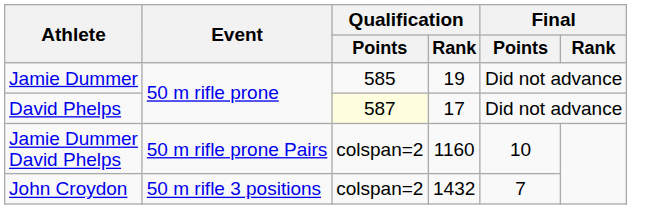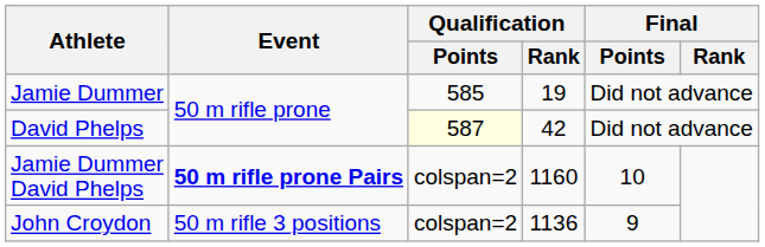 <table class="wikitable" style="font-size:90%;">
 <tr>
 <th rowspan=2>Athlete</th>
 <th rowspan=2>Event</th>
 <th colspan=2>Qualification</th>
 <th colspan=2>Final</th>
 </tr>
 <tr style="font-size:95%">
 <th>Points</th>
 <th>Rank</th>
 <th>Points</th>
 <th>Rank</th>
 </tr>
 <tr align=center>
 <td align=left><a href='#'>Jamie Dummer</a></td>
 <td align=left rowspan=2><a href='#'>50 m rifle prone</a></td>
 <td>585</td>
 <td>19</td>
 <td colspan=2>Did not advance</td>
 </tr>
 <tr align=center>
 <td align=left><a href='#'>David Phelps</a></td>
 <td style="background: lightyellow;">587</td>
-<td>17</td>
+<td>42</td>
 <td colspan=2>Did not advance</td>
 </tr>
 <tr align=center>
 <td align=left><a href='#'>Jamie Dummer</a><br><a href='#'>David Phelps</a></td>
-<td align=left rowspan=1><a href='#'>50 m rifle prone Pairs</a></td>
+<td align=left rowspan=1><strong><a href='#'>50 m rifle prone Pairs</a></strong></td>
 <td>colspan=2 </td>
 <td>1160</td>
 <td>10</td>
 </tr>
 <tr align=center>
 <td align=left><a href='#'>John Croydon</a></td>
 <td align=left rowspan=2><a href='#'>50 m rifle 3 positions</a></td>
 <td>colspan=2 </td>
-<td>1432</td>
-<td>7</td>
+<td>1136</td>
+<td>9</td>
 </tr>
 </table>
